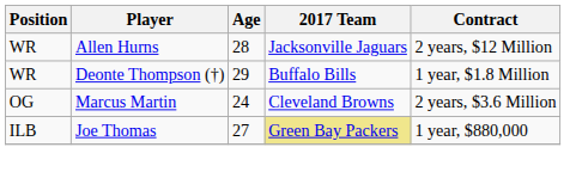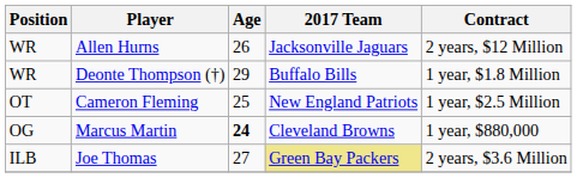 <table class="wikitable" style="font-size: 95%; text-align: left">
 <tr>
 <th>Position</th>
 <th>Player</th>
 <th>Age</th>
 <th>2017 Team</th>
 <th>Contract</th>
 </tr>
 <tr>
 <td>WR</td>
 <td><a href='#'>Allen Hurns</a></td>
-<td>28</td>
+<td>26</td>
 <td><a href='#'>Jacksonville Jaguars</a></td>
 <td>2 years, $12 Million</td>
 </tr>
 <tr>
 <td>WR</td>
 <td><a href='#'>Deonte Thompson</a> (†)</td>
 <td>29</td>
 <td><a href='#'>Buffalo Bills</a></td>
 <td>1 year, $1.8 Million</td>
 </tr>
 <tr>
+<td>OT</td>
+<td><a href='#'>Cameron Fleming</a></td>
+<td>25</td>
+<td><a href='#'>New England Patriots</a></td>
+<td>1 year, $2.5 Million</td>
+</tr>
+<tr>
 <td>OG</td>
 <td><a href='#'>Marcus Martin</a></td>
-<td>24</td>
+<td><strong>24</strong></td>
 <td><a href='#'>Cleveland Browns</a></td>
-<td>2 years, $3.6 Million</td>
+<td>1 year, $880,000</td>
 </tr>
 <tr>
 <td>ILB</td>
 <td><a href='#'>Joe Thomas</a></td>
 <td>27</td>
 <td style="background: khaki;"><a href='#'>Green Bay Packers</a></td>
-<td>1 year, $880,000</td>
+<td>2 years, $3.6 Million</td>
 </tr>
 <tr>
 </tr>
 </table>
